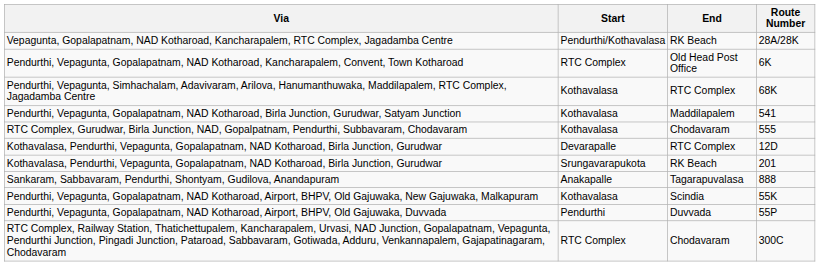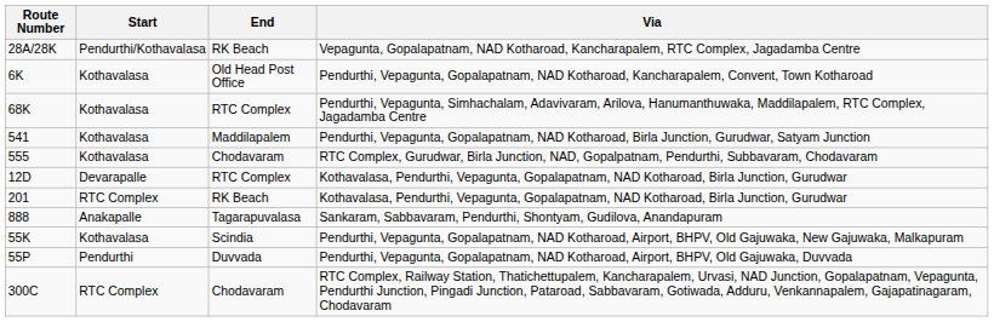 <table class="sortable wikitable">
 <tr>
-<th>Via</th>
+<th>Route Number</th>
 <th>Start</th>
 <th>End</th>
-<th>Route Number</th>
+<th>Via</th>
 </tr>
 <tr>
-<td>Vepagunta, Gopalapatnam, NAD Kotharoad, Kancharapalem, RTC Complex, Jagadamba Centre</td>
+<td>28A/28K</td>
 <td>Pendurthi/Kothavalasa</td>
 <td>RK Beach</td>
-<td>28A/28K</td>
+<td>Vepagunta, Gopalapatnam, NAD Kotharoad, Kancharapalem, RTC Complex, Jagadamba Centre</td>
 </tr>
 <tr>
+<td>6K</td>
+<td>Kothavalasa</td>
+<td>Old Head Post Office</td>
 <td>Pendurthi, Vepagunta, Gopalapatnam, NAD Kotharoad, Kancharapalem, Convent, Town Kotharoad</td>
-<td>RTC Complex</td>
-<td>Old Head Post Office</td>
-<td>6K</td>
 </tr>
 <tr>
-<td>Pendurthi, Vepagunta, Simhachalam, Adavivaram, Arilova, Hanumanthuwaka, Maddilapalem, RTC Complex, Jagadamba Centre</td>
+<td>68K</td>
 <td>Kothavalasa</td>
 <td>RTC Complex</td>
-<td>68K</td>
+<td>Pendurthi, Vepagunta, Simhachalam, Adavivaram, Arilova, Hanumanthuwaka, Maddilapalem, RTC Complex, Jagadamba Centre</td>
 </tr>
 <tr>
-<td>Pendurthi, Vepagunta, Gopalapatnam, NAD Kotharoad, Birla Junction, Gurudwar, Satyam Junction</td>
+<td>541</td>
 <td>Kothavalasa</td>
 <td>Maddilapalem</td>
-<td>541</td>
+<td>Pendurthi, Vepagunta, Gopalapatnam, NAD Kotharoad, Birla Junction, Gurudwar, Satyam Junction</td>
 </tr>
 <tr>
-<td>RTC Complex, Gurudwar, Birla Junction, NAD, Gopalpatnam, Pendurthi, Subbavaram, Chodavaram</td>
+<td>555</td>
 <td>Kothavalasa</td>
 <td>Chodavaram</td>
-<td>555</td>
+<td>RTC Complex, Gurudwar, Birla Junction, NAD, Gopalpatnam, Pendurthi, Subbavaram, Chodavaram</td>
 </tr>
 <tr>
-<td>Kothavalasa, Pendurthi, Vepagunta, Gopalapatnam, NAD Kotharoad, Birla Junction, Gurudwar</td>
+<td>12D</td>
 <td>Devarapalle</td>
 <td>RTC Complex</td>
-<td>12D</td>
+<td>Kothavalasa, Pendurthi, Vepagunta, Gopalapatnam, NAD Kotharoad, Birla Junction, Gurudwar</td>
 </tr>
 <tr>
+<td>201</td>
+<td>RTC Complex</td>
+<td>RK Beach</td>
 <td>Kothavalasa, Pendurthi, Vepagunta, Gopalapatnam, NAD Kotharoad, Birla Junction, Gurudwar</td>
-<td>Srungavarapukota</td>
-<td>RK Beach</td>
-<td>201</td>
 </tr>
 <tr>
-<td>Sankaram, Sabbavaram, Pendurthi, Shontyam, Gudilova, Anandapuram</td>
+<td>888</td>
 <td>Anakapalle</td>
 <td>Tagarapuvalasa</td>
-<td>888</td>
+<td>Sankaram, Sabbavaram, Pendurthi, Shontyam, Gudilova, Anandapuram</td>
 </tr>
 <tr>
-<td>Pendurthi, Vepagunta, Gopalapatnam, NAD Kotharoad, Airport, BHPV, Old Gajuwaka, New Gajuwaka, Malkapuram</td>
+<td>55K</td>
 <td>Kothavalasa</td>
 <td>Scindia</td>
-<td>55K</td>
+<td>Pendurthi, Vepagunta, Gopalapatnam, NAD Kotharoad, Airport, BHPV, Old Gajuwaka, New Gajuwaka, Malkapuram</td>
 </tr>
 <tr>
-<td>Pendurthi, Vepagunta, Gopalapatnam, NAD Kotharoad, Airport, BHPV, Old Gajuwaka, Duvvada</td>
+<td>55P</td>
 <td>Pendurthi</td>
 <td>Duvvada</td>
-<td>55P</td>
+<td>Pendurthi, Vepagunta, Gopalapatnam, NAD Kotharoad, Airport, BHPV, Old Gajuwaka, Duvvada</td>
 </tr>
 <tr>
-<td>RTC Complex, Railway Station, Thatichettupalem, Kancharapalem, Urvasi, NAD Junction, Gopalapatnam, Vepagunta, Pendurthi Junction, Pingadi Junction, Pataroad, Sabbavaram, Gotiwada, Adduru, Venkannapalem, Gajapatinagaram, Chodavaram</td>
+<td>300C</td>
 <td>RTC Complex</td>
 <td>Chodavaram</td>
-<td>300C</td>
+<td>RTC Complex, Railway Station, Thatichettupalem, Kancharapalem, Urvasi, NAD Junction, Gopalapatnam, Vepagunta, Pendurthi Junction, Pingadi Junction, Pataroad, Sabbavaram, Gotiwada, Adduru, Venkannapalem, Gajapatinagaram, Chodavaram</td>
 </tr>
 </table>
